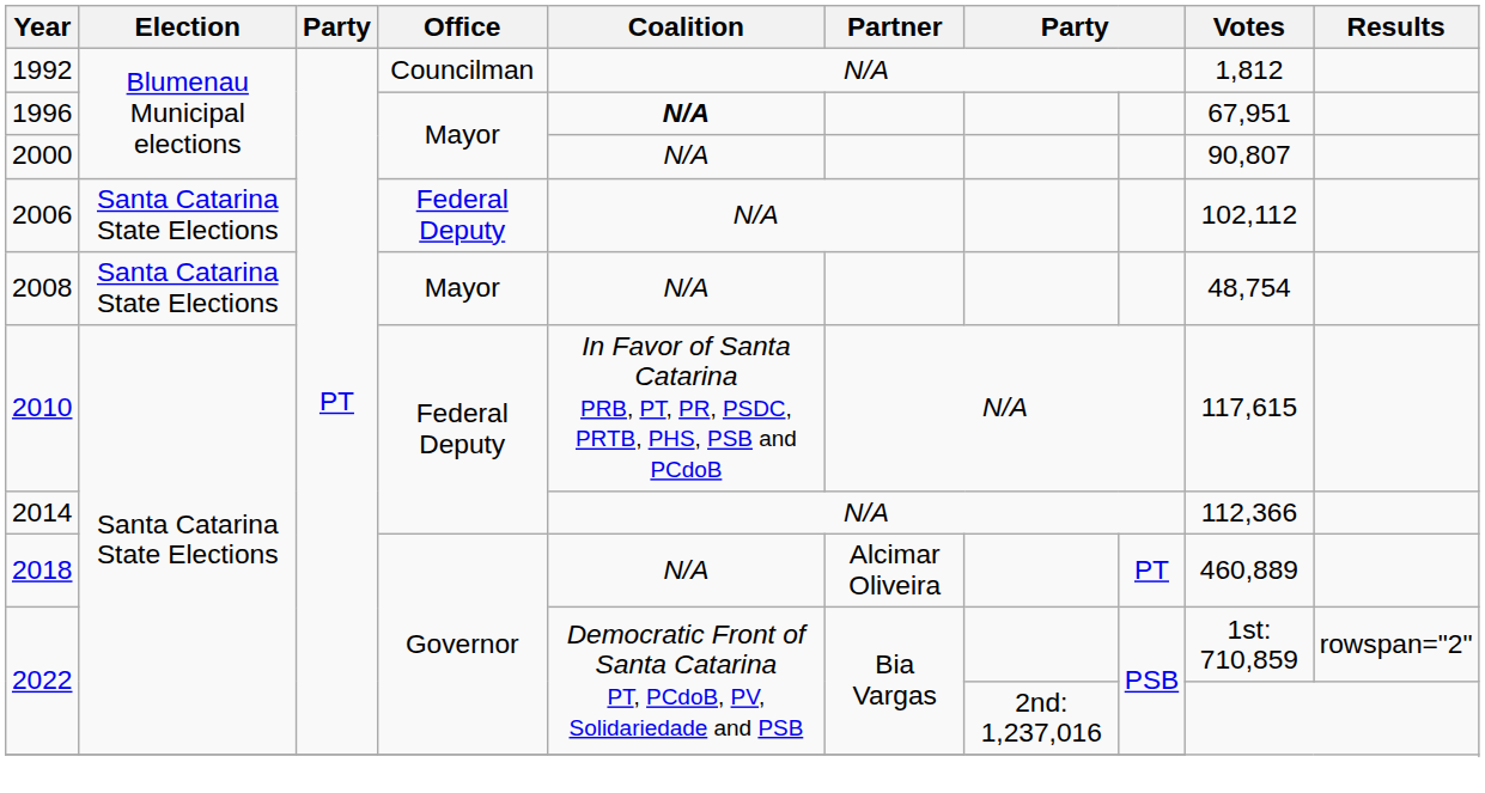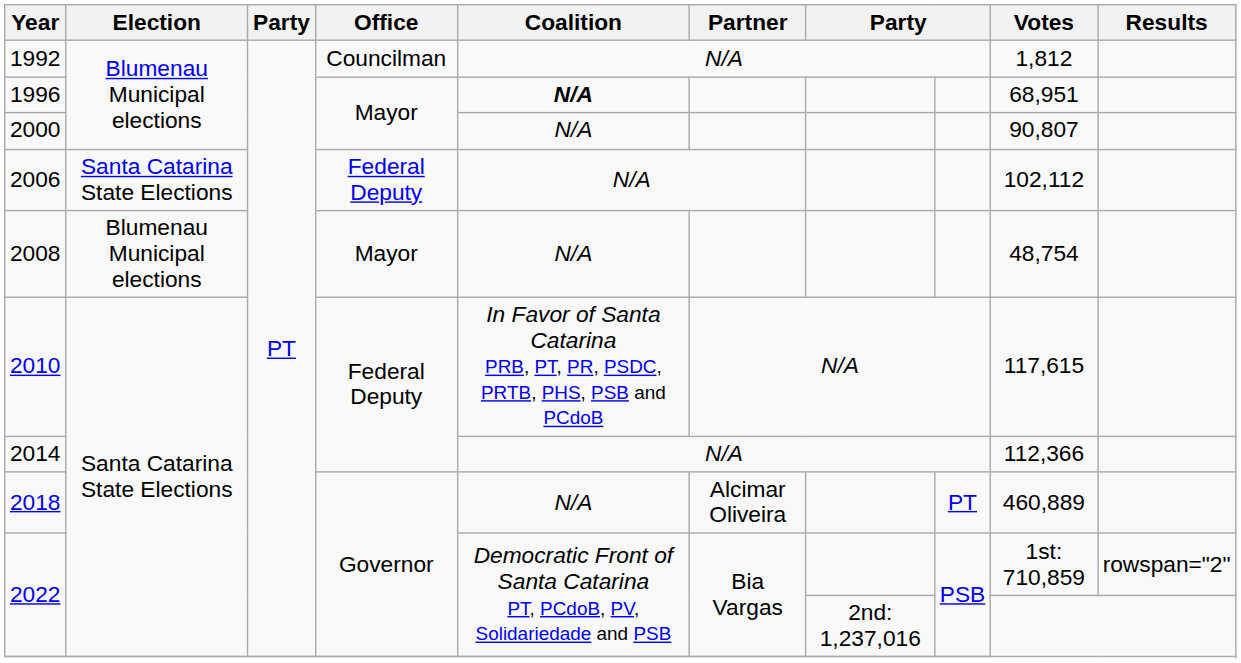 <table class="wikitable" style="text-align:center">
 <tr>
 <th>Year</th>
 <th>Election</th>
 <th>Party</th>
 <th>Office</th>
 <th>Coalition</th>
 <th>Partner</th>
 <th colspan="2">Party</th>
 <th>Votes</th>
 <th>Results</th>
 </tr>
 <tr>
 <td>1992</td>
 <td rowspan="3"><a href='#'>Blumenau</a> Municipal elections</td>
 <td rowspan="10"><a href='#'>PT</a></td>
 <td>Councilman</td>
 <td colspan="4"><em>N/A</em></td>
 <td>1,812</td>
 <td></td>
 </tr>
 <tr>
 <td>1996</td>
 <td rowspan="2">Mayor</td>
 <td><strong><em>N/A</em></strong></td>
 <td></td>
 <td></td>
 <td></td>
-<td>67,951</td>
+<td>68,951</td>
 <td></td>
 </tr>
 <tr>
 <td>2000</td>
 <td><em>N/A</em></td>
 <td></td>
 <td></td>
 <td></td>
 <td>90,807</td>
 <td></td>
 </tr>
 <tr>
 <td>2006</td>
 <td><a href='#'>Santa Catarina</a> State Elections</td>
 <td><a href='#'>Federal Deputy</a></td>
 <td colspan="2"><em>N/A</em></td>
 <td></td>
 <td></td>
 <td>102,112</td>
 <td></td>
 </tr>
 <tr>
 <td>2008</td>
-<td><a href='#'>Santa Catarina</a> State Elections</td>
+<td>Blumenau Municipal elections</td>
 <td>Mayor</td>
 <td><em>N/A</em></td>
 <td></td>
 <td></td>
 <td></td>
 <td>48,754</td>
 <td></td>
 </tr>
 <tr>
 <td><a href='#'>2010</a></td>
 <td rowspan="5">Santa Catarina State Elections</td>
 <td rowspan="2">Federal Deputy</td>
 <td><em>In Favor of Santa Catarina</em><br><small><a href='#'>PRB</a>, <a href='#'>PT</a>, <a href='#'>PR</a>, <a href='#'>PSDC</a>, <a href='#'>PRTB</a>, <a href='#'>PHS</a>, <a href='#'>PSB</a> and <a href='#'>PCdoB</a></small></td>
 <td colspan="3"><em>N/A</em></td>
 <td>117,615</td>
 <td></td>
 </tr>
 <tr>
 <td>2014</td>
 <td colspan="4"><em>N/A</em></td>
 <td>112,366</td>
 <td></td>
 </tr>
 <tr>
 <td><a href='#'>2018</a></td>
 <td rowspan="3">Governor</td>
 <td><em>N/A</em></td>
 <td>Alcimar Oliveira</td>
 <td></td>
 <td><a href='#'>PT</a></td>
 <td>460,889</td>
 <td></td>
 </tr>
 <tr>
 <td rowspan="2" style="text-align:center;"><a href='#'>2022</a></td>
 <td rowspan="2"><em>Democratic Front of Santa Catarina</em><br><small><a href='#'>PT</a>, <a href='#'>PCdoB</a>, <a href='#'>PV</a>, <a href='#'>Solidariedade</a> and <a href='#'>PSB</a></small></td>
 <td rowspan="2">Bia Vargas</td>
 <td style="background-color:"></td>
 <td rowspan="2"><a href='#'>PSB</a></td>
 <td>1st: 710,859</td>
 <td>rowspan="2" </td>
 </tr>
 <tr>
 <td>2nd: 1,237,016</td>
 </tr>
 <tr>
 </tr>
 </table>
